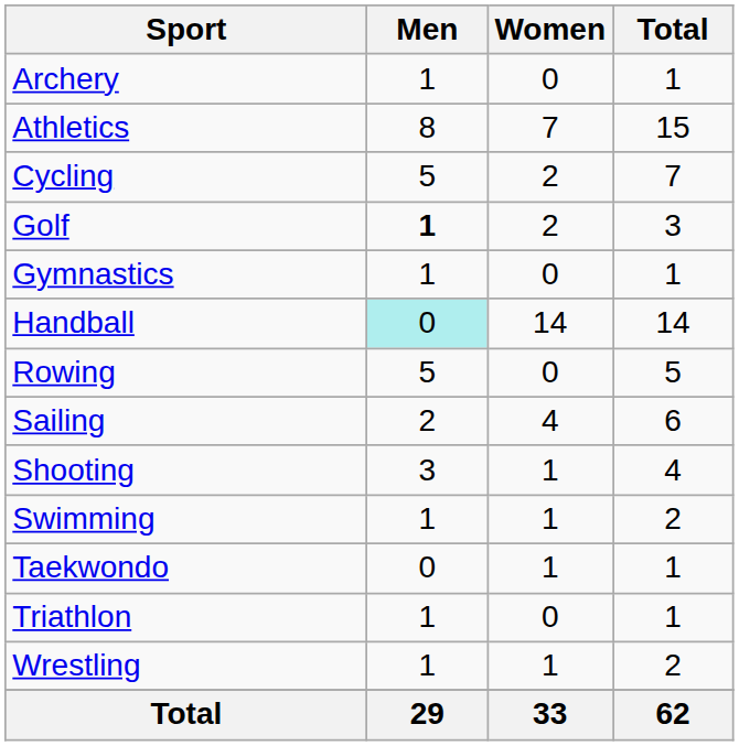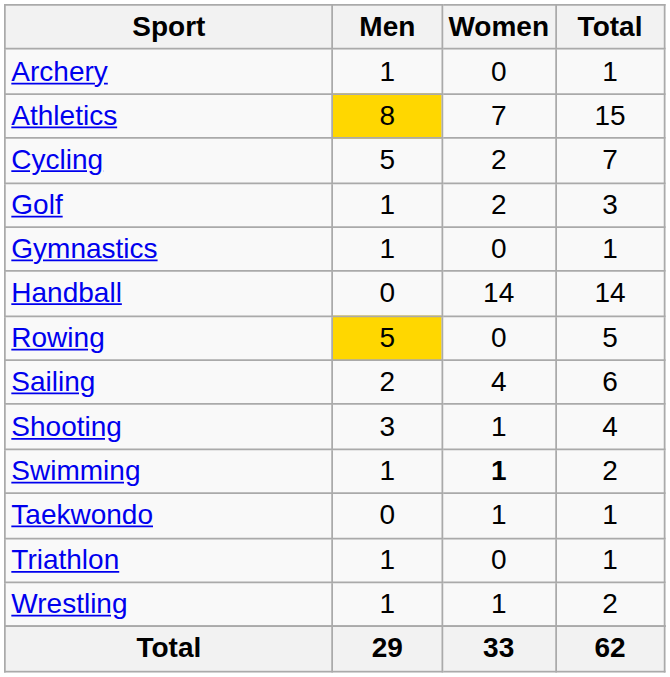 <table class="wikitable sortable" style="text-align:center;">
 <tr>
 <th width=180>Sport</th>
 <th width=55>Men</th>
 <th width=55>Women</th>
 <th width=55>Total</th>
 </tr>
 <tr>
 <td align=left><a href='#'>Archery</a></td>
 <td>1</td>
 <td>0</td>
 <td>1</td>
 </tr>
 <tr>
 <td align=left><a href='#'>Athletics</a></td>
-<td>8</td>
+<td style="background: gold;">8</td>
 <td>7</td>
 <td>15</td>
 </tr>
 <tr>
 <td align=left><a href='#'>Cycling</a></td>
 <td>5</td>
 <td>2</td>
 <td>7</td>
 </tr>
 <tr>
 <td align=left><a href='#'>Golf</a></td>
-<td><strong>1</strong></td>
+<td>1</td>
 <td>2</td>
 <td>3</td>
 </tr>
 <tr>
 <td align=left><a href='#'>Gymnastics</a></td>
 <td>1</td>
 <td>0</td>
 <td>1</td>
 </tr>
 <tr>
 <td align=left><a href='#'>Handball</a></td>
-<td style="background: paleturquoise;">0</td>
+<td>0</td>
 <td>14</td>
 <td>14</td>
 </tr>
 <tr>
 <td align=left><a href='#'>Rowing</a></td>
-<td>5</td>
+<td style="background: gold;">5</td>
 <td>0</td>
 <td>5</td>
 </tr>
 <tr>
 <td align=left><a href='#'>Sailing</a></td>
 <td>2</td>
 <td>4</td>
 <td>6</td>
 </tr>
 <tr>
 <td align=left><a href='#'>Shooting</a></td>
 <td>3</td>
 <td>1</td>
 <td>4</td>
 </tr>
 <tr>
 <td align=left><a href='#'>Swimming</a></td>
 <td>1</td>
-<td>1</td>
+<td><strong>1</strong></td>
 <td>2</td>
 </tr>
 <tr>
 <td align=left><a href='#'>Taekwondo</a></td>
 <td>0</td>
 <td>1</td>
 <td>1</td>
 </tr>
 <tr>
 <td align=left><a href='#'>Triathlon</a></td>
 <td>1</td>
 <td>0</td>
 <td>1</td>
 </tr>
 <tr>
 <td align=left><a href='#'>Wrestling</a></td>
 <td>1</td>
 <td>1</td>
 <td>2</td>
 </tr>
 <tr>
 </tr>
 <tr class="sortbottom">
 <th>Total</th>
 <th>29</th>
 <th>33</th>
 <th>62</th>
 </tr>
 </table>
